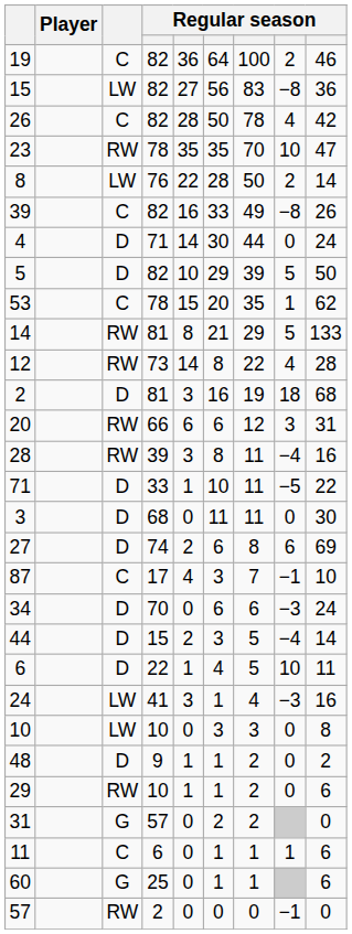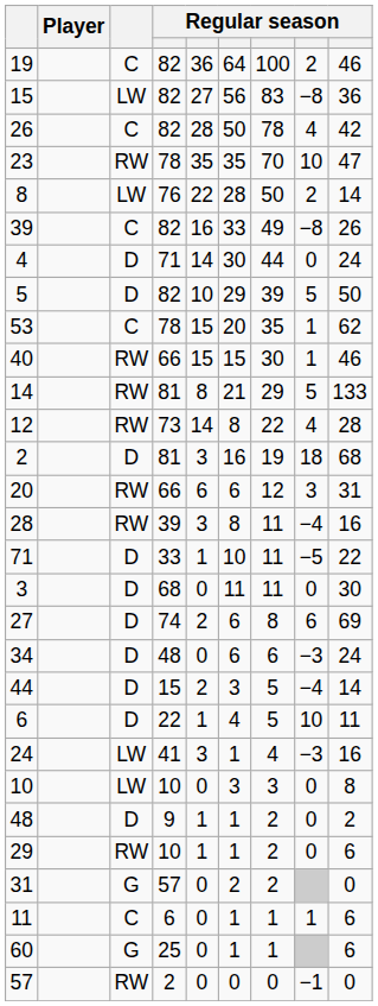 <table class="wikitable sortable plainrowheaders" style="text-align:center;">
 <tr>
 <th scope="col" data-sort-type="number" rowspan="2"></th>
 <th scope="col" rowspan="2">Player</th>
 <th scope="col" rowspan="2"></th>
 <th scope=colgroup colspan=6>Regular season</th>
 </tr>
 <tr>
 <th scope="col" data-sort-type="number"></th>
 <th scope="col" data-sort-type="number"></th>
 <th scope="col" data-sort-type="number"></th>
 <th scope="col" data-sort-type="number"></th>
 <th scope="col" data-sort-type="number"></th>
 <th scope="col" data-sort-type="number"></th>
 </tr>
 <tr>
 <td scope="row">19</td>
 <td align="left"></td>
 <td>C</td>
 <td>82</td>
 <td>36</td>
 <td>64</td>
 <td>100</td>
 <td>2</td>
 <td>46</td>
 </tr>
 <tr>
 <td scope="row">15</td>
 <td align="left"></td>
 <td>LW</td>
 <td>82</td>
 <td>27</td>
 <td>56</td>
 <td>83</td>
 <td>−8</td>
 <td>36</td>
 </tr>
 <tr>
 <td scope="row">26</td>
 <td align="left"></td>
 <td>C</td>
 <td>82</td>
 <td>28</td>
 <td>50</td>
 <td>78</td>
 <td>4</td>
 <td>42</td>
 </tr>
 <tr>
 <td scope="row">23</td>
 <td align="left"></td>
 <td>RW</td>
 <td>78</td>
 <td>35</td>
 <td>35</td>
 <td>70</td>
 <td>10</td>
 <td>47</td>
 </tr>
 <tr>
 <td scope="row">8</td>
 <td align="left"></td>
 <td>LW</td>
 <td>76</td>
 <td>22</td>
 <td>28</td>
 <td>50</td>
 <td>2</td>
 <td>14</td>
 </tr>
 <tr>
 <td scope="row">39</td>
 <td align="left"></td>
 <td>C</td>
 <td>82</td>
 <td>16</td>
 <td>33</td>
 <td>49</td>
 <td>−8</td>
 <td>26</td>
 </tr>
 <tr>
 <td scope="row">4</td>
 <td align="left"></td>
 <td>D</td>
 <td>71</td>
 <td>14</td>
 <td>30</td>
 <td>44</td>
 <td>0</td>
 <td>24</td>
 </tr>
 <tr>
 <td scope="row">5</td>
 <td align="left"></td>
 <td>D</td>
 <td>82</td>
 <td>10</td>
 <td>29</td>
 <td>39</td>
 <td>5</td>
 <td>50</td>
 </tr>
 <tr>
 <td scope="row">53</td>
 <td align="left"></td>
 <td>C</td>
 <td>78</td>
 <td>15</td>
 <td>20</td>
 <td>35</td>
 <td>1</td>
 <td>62</td>
 </tr>
 <tr>
+<td scope="row">40</td>
+<td align="left"></td>
+<td>RW</td>
+<td>66</td>
+<td>15</td>
+<td>15</td>
+<td>30</td>
+<td>1</td>
+<td>46</td>
+</tr>
+<tr>
 <td scope="row">14</td>
 <td align="left"></td>
 <td>RW</td>
 <td>81</td>
 <td>8</td>
 <td>21</td>
 <td>29</td>
 <td>5</td>
 <td>133</td>
 </tr>
 <tr>
 <td scope="row">12</td>
 <td align="left"></td>
 <td>RW</td>
 <td>73</td>
 <td>14</td>
 <td>8</td>
 <td>22</td>
 <td>4</td>
 <td>28</td>
 </tr>
 <tr>
 <td scope="row">2</td>
 <td align="left"></td>
 <td>D</td>
 <td>81</td>
 <td>3</td>
 <td>16</td>
 <td>19</td>
 <td>18</td>
 <td>68</td>
 </tr>
 <tr>
 <td scope="row">20</td>
 <td align="left"></td>
 <td>RW</td>
 <td>66</td>
 <td>6</td>
 <td>6</td>
 <td>12</td>
 <td>3</td>
 <td>31</td>
 </tr>
 <tr>
 <td scope="row">28</td>
 <td align="left"></td>
 <td>RW</td>
 <td>39</td>
 <td>3</td>
 <td>8</td>
 <td>11</td>
 <td>−4</td>
 <td>16</td>
 </tr>
 <tr>
 <td scope="row">71</td>
 <td align="left"></td>
 <td>D</td>
 <td>33</td>
 <td>1</td>
 <td>10</td>
 <td>11</td>
 <td>−5</td>
 <td>22</td>
 </tr>
 <tr>
 <td scope="row">3</td>
 <td align="left"></td>
 <td>D</td>
 <td>68</td>
 <td>0</td>
 <td>11</td>
 <td>11</td>
 <td>0</td>
 <td>30</td>
 </tr>
 <tr>
 <td scope="row">27</td>
 <td align="left"></td>
 <td>D</td>
 <td>74</td>
 <td>2</td>
 <td>6</td>
 <td>8</td>
 <td>6</td>
 <td>69</td>
 </tr>
 <tr>
-<td scope="row">87</td>
-<td align="left"></td>
-<td>C</td>
-<td>17</td>
-<td>4</td>
-<td>3</td>
-<td>7</td>
-<td>−1</td>
-<td>10</td>
-</tr>
-<tr>
 <td scope="row">34</td>
 <td align="left"></td>
 <td>D</td>
-<td>70</td>
+<td>48</td>
 <td>0</td>
 <td>6</td>
 <td>6</td>
 <td>−3</td>
 <td>24</td>
 </tr>
 <tr>
 <td scope="row">44</td>
 <td align="left"></td>
 <td>D</td>
 <td>15</td>
 <td>2</td>
 <td>3</td>
 <td>5</td>
 <td>−4</td>
 <td>14</td>
 </tr>
 <tr>
 <td scope="row">6</td>
 <td align="left"></td>
 <td>D</td>
 <td>22</td>
 <td>1</td>
 <td>4</td>
 <td>5</td>
 <td>10</td>
 <td>11</td>
 </tr>
 <tr>
 <td scope="row">24</td>
 <td align="left"></td>
 <td>LW</td>
 <td>41</td>
 <td>3</td>
 <td>1</td>
 <td>4</td>
 <td>−3</td>
 <td>16</td>
 </tr>
 <tr>
 <td scope="row">10</td>
 <td align="left"></td>
 <td>LW</td>
 <td>10</td>
 <td>0</td>
 <td>3</td>
 <td>3</td>
 <td>0</td>
 <td>8</td>
 </tr>
 <tr>
 <td scope="row">48</td>
 <td align="left"></td>
 <td>D</td>
 <td>9</td>
 <td>1</td>
 <td>1</td>
 <td>2</td>
 <td>0</td>
 <td>2</td>
 </tr>
 <tr>
 <td scope="row">29</td>
 <td align="left"></td>
 <td>RW</td>
 <td>10</td>
 <td>1</td>
 <td>1</td>
 <td>2</td>
 <td>0</td>
 <td>6</td>
 </tr>
 <tr>
 <td scope="row">31</td>
 <td align="left"></td>
 <td>G</td>
 <td>57</td>
 <td>0</td>
 <td>2</td>
 <td>2</td>
 <td style="background:#ccc"></td>
 <td>0</td>
 </tr>
 <tr>
 <td scope="row">11</td>
 <td align="left"></td>
 <td>C</td>
 <td>6</td>
 <td>0</td>
 <td>1</td>
 <td>1</td>
 <td>1</td>
 <td>6</td>
 </tr>
 <tr>
 <td scope="row">60</td>
 <td align="left"></td>
 <td>G</td>
 <td>25</td>
 <td>0</td>
 <td>1</td>
 <td>1</td>
 <td style="background:#ccc"></td>
 <td>6</td>
 </tr>
 <tr>
 <td scope="row">57</td>
 <td align="left"></td>
 <td>RW</td>
 <td>2</td>
 <td>0</td>
 <td>0</td>
 <td>0</td>
 <td>−1</td>
 <td>0</td>
 </tr>
 </table>
